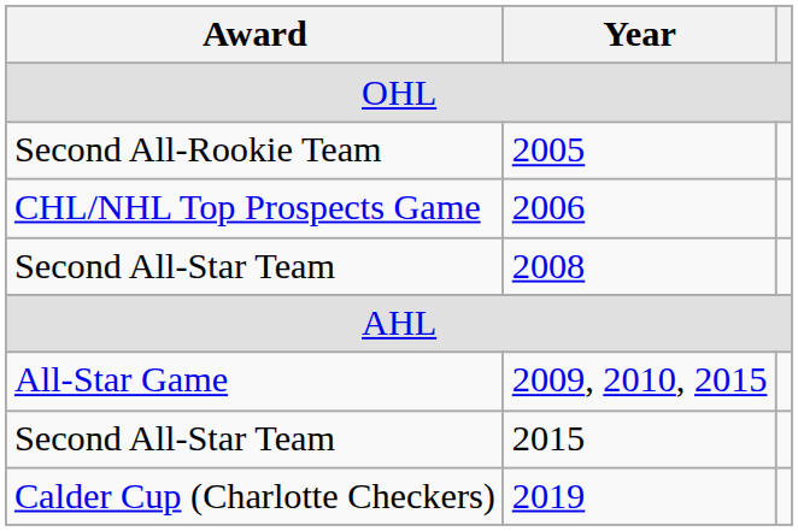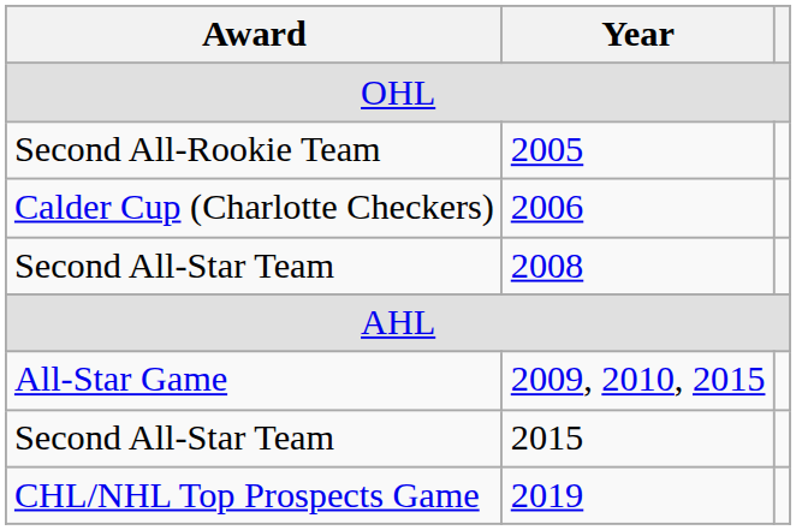 <table class="wikitable">
 <tr>
 <th>Award</th>
 <th>Year</th>
 <th></th>
 </tr>
 <tr ALIGN="center" bgcolor="#e0e0e0">
 <td colspan="3"><a href='#'>OHL</a></td>
 </tr>
 <tr>
 <td>Second All-Rookie Team</td>
 <td><a href='#'>2005</a></td>
 <td></td>
 </tr>
 <tr>
-<td><a href='#'>CHL/NHL Top Prospects Game</a></td>
+<td><a href='#'>Calder Cup</a> (Charlotte Checkers)</td>
 <td><a href='#'>2006</a></td>
 <td></td>
 </tr>
 <tr>
 <td>Second All-Star Team</td>
 <td><a href='#'>2008</a></td>
 <td></td>
 </tr>
 <tr ALIGN="center" bgcolor="#e0e0e0">
 <td colspan="3"><a href='#'>AHL</a></td>
 </tr>
 <tr>
 <td><a href='#'>All-Star Game</a></td>
 <td><a href='#'>2009</a>, <a href='#'>2010</a>, <a href='#'>2015</a></td>
 <td></td>
 </tr>
 <tr>
 <td>Second All-Star Team</td>
 <td>2015</td>
 <td></td>
 </tr>
 <tr>
-<td><a href='#'>Calder Cup</a> (Charlotte Checkers)</td>
+<td><a href='#'>CHL/NHL Top Prospects Game</a></td>
 <td><a href='#'>2019</a></td>
 <td></td>
 </tr>
 </table>
